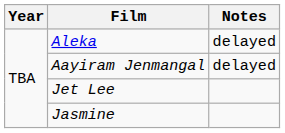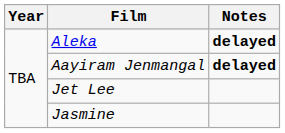 <table class="wikitable">
 <tr>
 <th>Year</th>
 <th>Film</th>
 <th>Notes</th>
 </tr>
 <tr>
 <td rowspan="4">TBA</td>
 <td><em><a href='#'>Aleka</a></em></td>
-<td>delayed</td>
+<td><strong>delayed</strong></td>
 </tr>
 <tr>
 <td><em>Aayiram Jenmangal</em></td>
-<td>delayed</td>
+<td><strong>delayed</strong></td>
 </tr>
 <tr>
 <td><em>Jet Lee</em></td>
 <td></td>
 </tr>
 <tr>
 <td><em>Jasmine</em></td>
 <td></td>
 </tr>
 </table>
